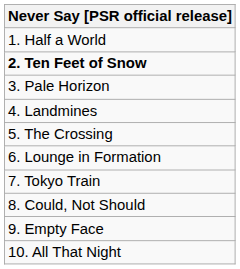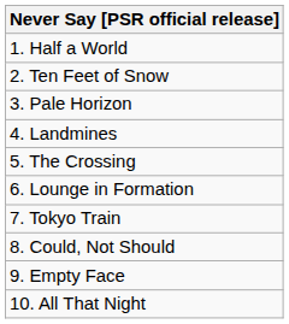 <table class="wikitable">
 <tr>
 <th>Never Say [PSR official release]</th>
 </tr>
 <tr>
 <td>1. Half a World</td>
 </tr>
 <tr>
-<td><strong>2. Ten Feet of Snow</strong></td>
+<td>2. Ten Feet of Snow</td>
 </tr>
 <tr>
 <td>3. Pale Horizon</td>
 </tr>
 <tr>
 <td>4. Landmines</td>
 </tr>
 <tr>
 <td>5. The Crossing</td>
 </tr>
 <tr>
 <td>6. Lounge in Formation</td>
 </tr>
 <tr>
 <td>7. Tokyo Train</td>
 </tr>
 <tr>
 <td>8. Could, Not Should</td>
 </tr>
 <tr>
 <td>9. Empty Face</td>
 </tr>
 <tr>
 <td>10. All That Night</td>
 </tr>
 </table>
